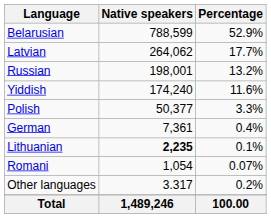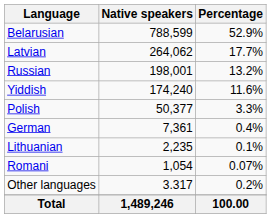 <table class="wikitable sortable">
 <tr>
 <th>Language</th>
 <th>Native speakers</th>
 <th>Percentage</th>
 </tr>
 <tr>
 <td><a href='#'>Belarusian</a></td>
 <td align="right">788,599</td>
 <td align="right">52.9%</td>
 </tr>
 <tr>
 <td><a href='#'>Latvian</a></td>
 <td align="right">264,062</td>
 <td align="right">17.7%</td>
 </tr>
 <tr>
 <td><a href='#'>Russian</a></td>
 <td align="right">198,001</td>
 <td align="right">13.2%</td>
 </tr>
 <tr>
 <td><a href='#'>Yiddish</a></td>
 <td align="right">174,240</td>
 <td align="right">11.6%</td>
 </tr>
 <tr>
 <td><a href='#'>Polish</a></td>
 <td align="right">50,377</td>
 <td align="right">3.3%</td>
 </tr>
 <tr>
 <td><a href='#'>German</a></td>
 <td align="right">7,361</td>
 <td align="right">0.4%</td>
 </tr>
 <tr>
 <td><a href='#'>Lithuanian</a></td>
-<td align="right"><strong>2,235</strong></td>
+<td align="right">2,235</td>
 <td align="right">0.1%</td>
 </tr>
 <tr>
 <td><a href='#'>Romani</a></td>
 <td align="right">1,054</td>
 <td align="right">0.07%</td>
 </tr>
 <tr>
 <td>Other languages</td>
 <td align="right">3.317</td>
 <td align="right">0.2%</td>
 </tr>
 <tr>
 </tr>
 <tr>
 <th>Total</th>
 <th>1,489,246</th>
 <th>100.00</th>
 </tr>
 </table>
